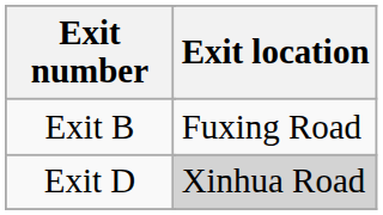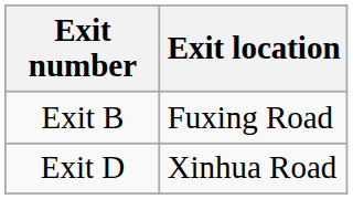 <table class="wikitable">
 <tr>
 <th style="width:70px" colspan="2">Exit number</th>
 <th>Exit location</th>
 </tr>
 <tr>
 <td align="center" colspan="2">Exit B</td>
 <td>Fuxing Road</td>
 </tr>
 <tr>
 <td align="center" colspan="2">Exit D</td>
-<td style="background: lightgrey;">Xinhua Road</td>
+<td>Xinhua Road</td>
 </tr>
 </table>
